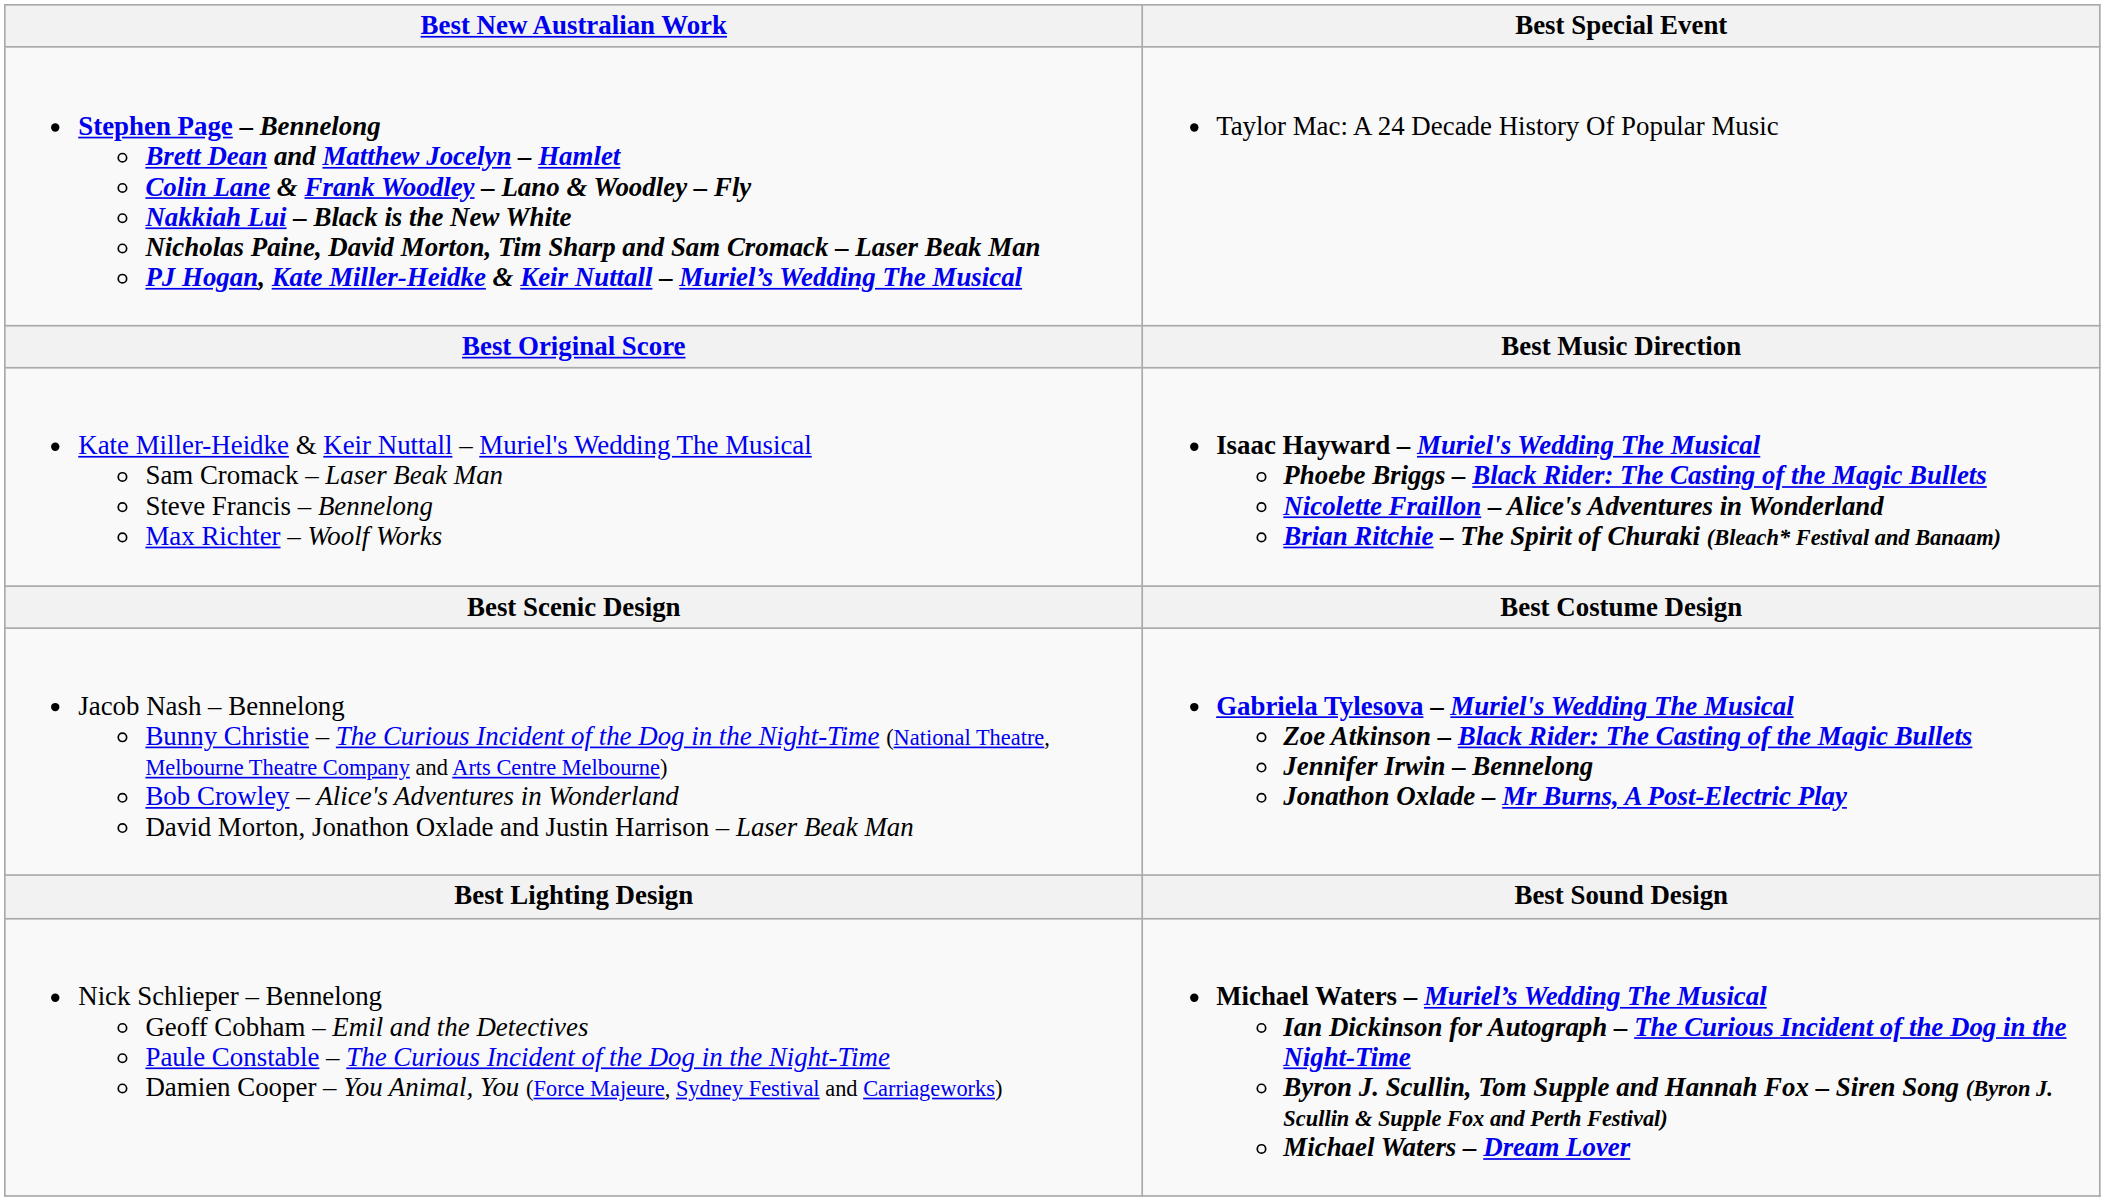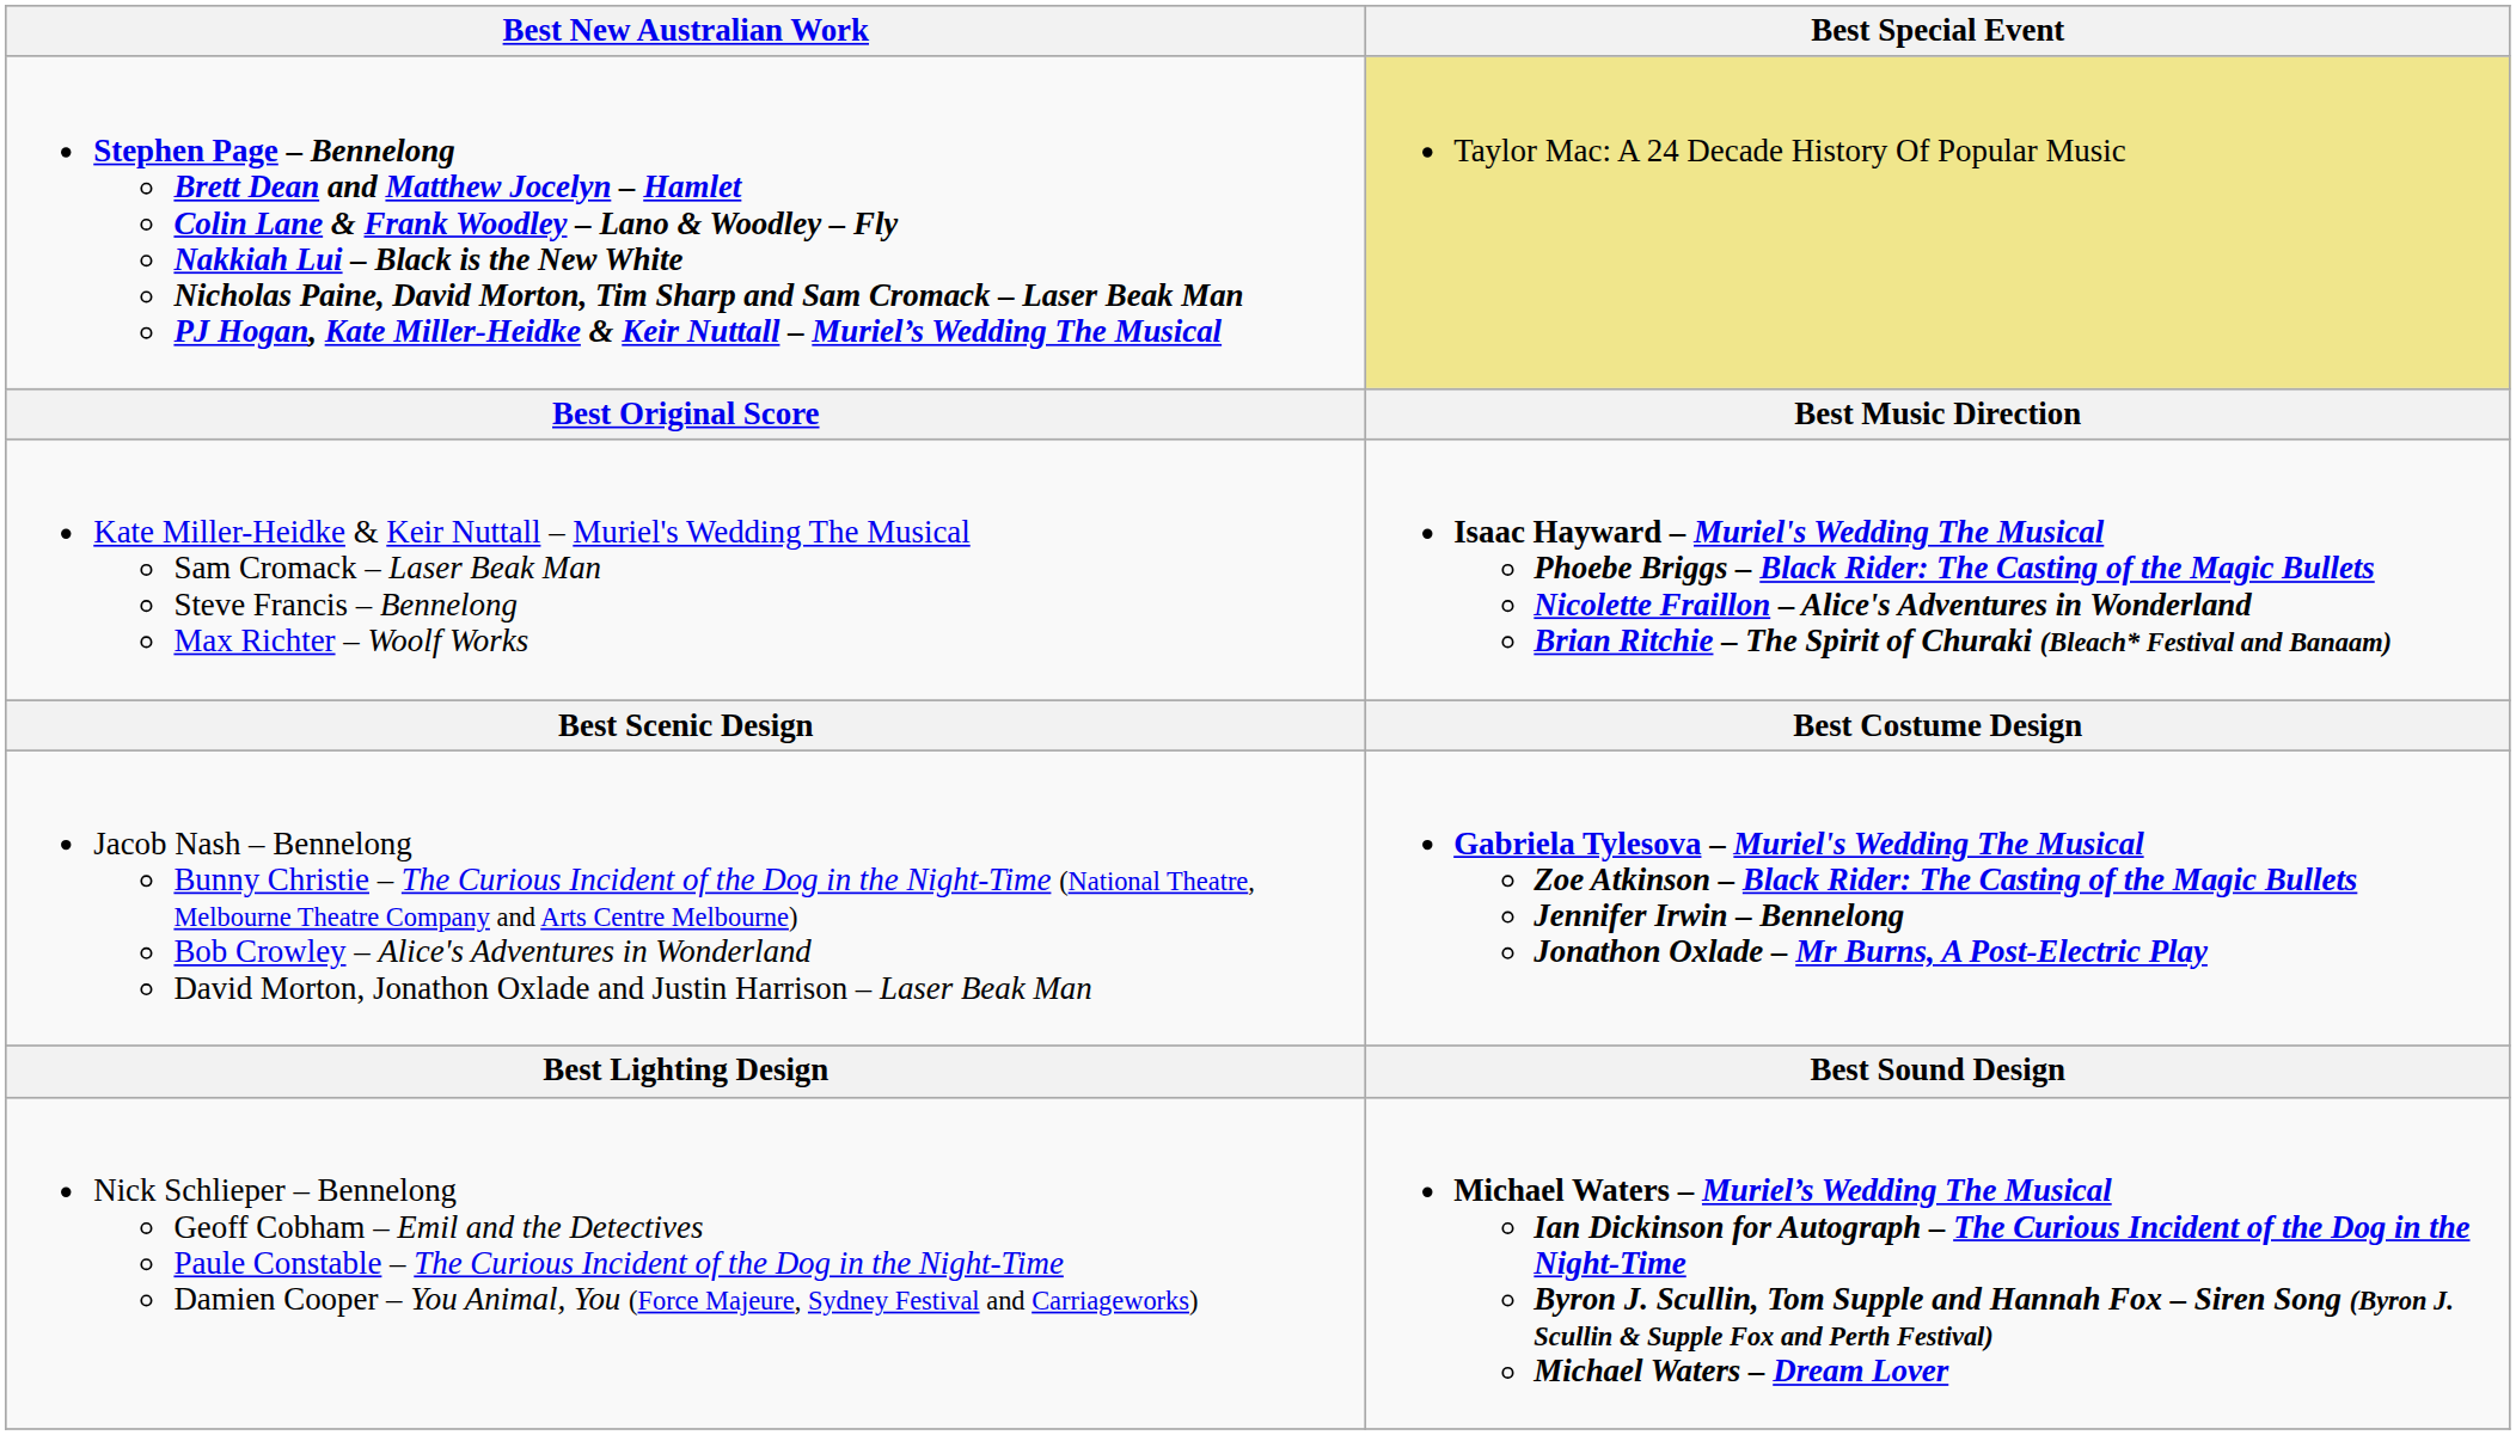 <table class="wikitable">
 <tr>
 <th><a href='#'>Best New Australian Work</a></th>
 <th>Best Special Event</th>
 </tr>
 <tr>
 <td valign="top"><br><ul><li><strong><a href='#'>Stephen Page</a> – <em>Bennelong<strong><em><ul><li><a href='#'>Brett Dean</a> and <a href='#'>Matthew Jocelyn</a> – </em><a href='#'>Hamlet</a><em></li><li><a href='#'>Colin Lane</a> & <a href='#'>Frank Woodley</a> – </em>Lano & Woodley – Fly<em></li><li><a href='#'>Nakkiah Lui</a> – </em>Black is the New White<em></li><li>Nicholas Paine, David Morton, Tim Sharp and Sam Cromack – </em>Laser Beak Man<em></li><li><a href='#'>PJ Hogan</a>, <a href='#'>Kate Miller-Heidke</a> & <a href='#'>Keir Nuttall</a> – </em><a href='#'>Muriel’s Wedding The Musical</a><em></li></ul></li></ul></td>
-<td valign="top"><br><ul><li></em></strong>Taylor Mac: A 24 Decade History Of Popular Music<strong><em></li></ul></td>
+<td valign="top" style="background: khaki;"><br><ul><li></em></strong>Taylor Mac: A 24 Decade History Of Popular Music<strong><em></li></ul></td>
 </tr>
 <tr>
 <th><a href='#'>Best Original Score</a></th>
 <th>Best Music Direction</th>
 </tr>
 <tr>
 <td valign="top"><br><ul><li></strong><a href='#'>Kate Miller-Heidke</a> & <a href='#'>Keir Nuttall</a> – </em><a href='#'>Muriel's Wedding The Musical</a></em></strong><ul><li>Sam Cromack – <em>Laser Beak Man</em></li><li>Steve Francis – <em>Bennelong</em></li><li><a href='#'>Max Richter</a> – <em>Woolf Works</em></li></ul></li></ul></td>
 <td valign="top"><br><ul><li><strong>Isaac Hayward – <em><a href='#'>Muriel's Wedding The Musical</a><strong><em><ul><li>Phoebe Briggs – </em><a href='#'>Black Rider: The Casting of the Magic Bullets</a><em></li><li><a href='#'>Nicolette Fraillon</a> – </em>Alice's Adventures in Wonderland<em></li><li><a href='#'>Brian Ritchie</a> – </em>The Spirit of Churaki<em> <small>(Bleach* Festival and Banaam)</small></li></ul></li></ul></td>
 </tr>
 <tr>
 <th>Best Scenic Design</th>
 <th>Best Costume Design</th>
 </tr>
 <tr>
 <td valign="top"><br><ul><li></strong>Jacob Nash – </em>Bennelong</em></strong><ul><li><a href='#'>Bunny Christie</a> – <em><a href='#'>The Curious Incident of the Dog in the Night-Time</a></em> <small>(<a href='#'>National Theatre</a>, <a href='#'>Melbourne Theatre Company</a> and <a href='#'>Arts Centre Melbourne</a>)</small></li><li><a href='#'>Bob Crowley</a> – <em>Alice's Adventures in Wonderland</em></li><li>David Morton, Jonathon Oxlade and Justin Harrison – <em>Laser Beak Man</em></li></ul></li></ul></td>
 <td valign="top"><br><ul><li><strong><a href='#'>Gabriela Tylesova</a> – <em><a href='#'>Muriel's Wedding The Musical</a><strong><em><ul><li>Zoe Atkinson – </em><a href='#'>Black Rider: The Casting of the Magic Bullets</a><em></li><li>Jennifer Irwin – </em>Bennelong<em></li><li>Jonathon Oxlade – </em><a href='#'>Mr Burns, A Post-Electric Play</a><em></li></ul></li></ul></td>
 </tr>
 <tr>
 <th>Best Lighting Design</th>
 <th>Best Sound Design</th>
 </tr>
 <tr>
 <td valign="top"><br><ul><li></strong>Nick Schlieper – </em>Bennelong</em></strong><ul><li>Geoff Cobham – <em>Emil and the Detectives</em></li><li><a href='#'>Paule Constable</a> – <em><a href='#'>The Curious Incident of the Dog in the Night-Time</a></em></li><li>Damien Cooper – <em>You Animal, You</em> <small>(<a href='#'>Force Majeure</a>, <a href='#'>Sydney Festival</a> and <a href='#'>Carriageworks</a>)</small></li></ul></li></ul></td>
 <td valign="top"><br><ul><li><strong>Michael Waters – <em><a href='#'>Muriel’s Wedding The Musical</a><strong><em><ul><li>Ian Dickinson for Autograph – </em><a href='#'>The Curious Incident of the Dog in the Night-Time</a><em></li><li>Byron J. Scullin, Tom Supple and Hannah Fox – </em>Siren Song<em> <small>(Byron J. Scullin & Supple Fox and Perth Festival)</small></li><li>Michael Waters – </em><a href='#'>Dream Lover</a><em></li></ul></li></ul></td>
 </tr>
 </table>
